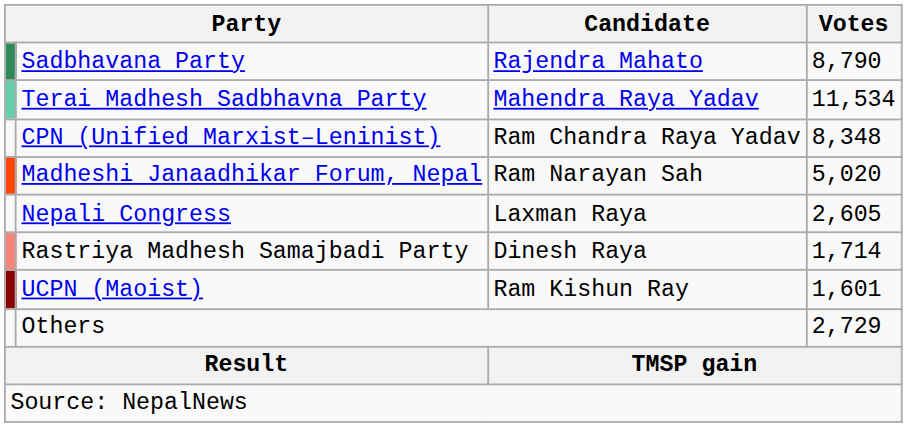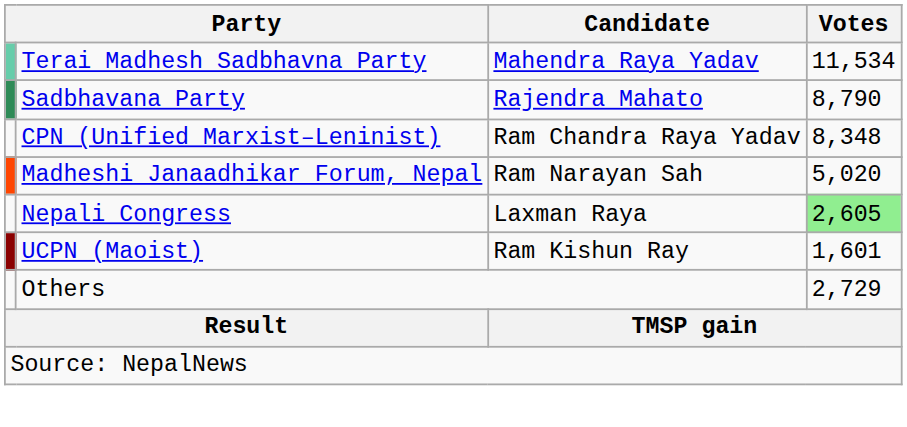 <table class="wikitable">
 <tr>
 <th colspan="2">Party</th>
 <th>Candidate</th>
 <th>Votes</th>
 </tr>
 <tr>
+<td style="background-color:mediumaquamarine"></td>
+<td><a href='#'>Terai Madhesh Sadbhavna Party</a></td>
+<td><a href='#'>Mahendra Raya Yadav</a></td>
+<td>11,534</td>
+</tr>
+<tr>
 <td style="background-color:seagreen"></td>
 <td><a href='#'>Sadbhavana Party</a></td>
 <td><a href='#'>Rajendra Mahato</a></td>
 <td>8,790</td>
-</tr>
-<tr>
-<td style="background-color:mediumaquamarine"></td>
-<td><a href='#'>Terai Madhesh Sadbhavna Party</a></td>
-<td><a href='#'>Mahendra Raya Yadav</a></td>
-<td>11,534</td>
 </tr>
 <tr>
 <td style="background-color:"></td>
 <td><a href='#'>CPN (Unified Marxist–Leninist)</a></td>
 <td>Ram Chandra Raya Yadav</td>
 <td>8,348</td>
 </tr>
 <tr>
 <td style="background-color:orangered"></td>
 <td><a href='#'>Madheshi Janaadhikar Forum, Nepal</a></td>
 <td>Ram Narayan Sah</td>
 <td>5,020</td>
 </tr>
 <tr>
 <td style="background-color:"></td>
 <td><a href='#'>Nepali Congress</a></td>
 <td>Laxman Raya</td>
-<td>2,605</td>
-</tr>
-<tr>
-<td style="background-color:#F88379"></td>
-<td>Rastriya Madhesh Samajbadi Party</td>
-<td>Dinesh Raya</td>
-<td>1,714</td>
+<td style="background: lightgreen;">2,605</td>
 </tr>
 <tr>
 <td style="background-color:darkred"></td>
 <td><a href='#'>UCPN (Maoist)</a></td>
 <td>Ram Kishun Ray</td>
 <td>1,601</td>
 </tr>
 <tr>
 <td></td>
 <td colspan="2">Others</td>
 <td>2,729</td>
 </tr>
 <tr>
 <th colspan="2">Result</th>
 <th colspan="2">TMSP gain</th>
 </tr>
 <tr>
 <td colspan="4">Source: NepalNews</td>
 </tr>
 </table>
